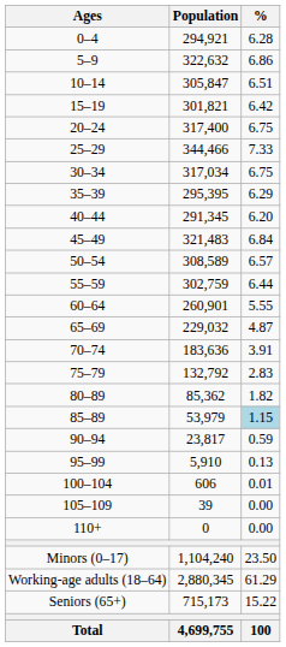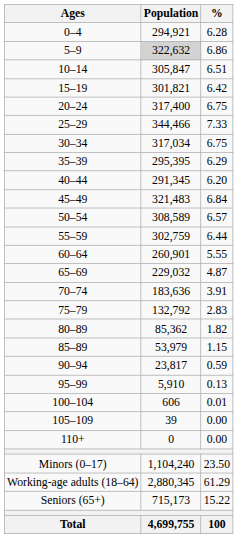 <table class=wikitable style="text-align:center;">
 <tr>
 <th>Ages</th>
 <th>Population</th>
 <th>%</th>
 </tr>
 <tr>
 <td>0–4</td>
 <td>294,921</td>
 <td>6.28</td>
 </tr>
 <tr>
 <td>5–9</td>
-<td>322,632</td>
+<td style="background: lightgrey;">322,632</td>
 <td>6.86</td>
 </tr>
 <tr>
 <td>10–14</td>
 <td>305,847</td>
 <td>6.51</td>
 </tr>
 <tr>
 <td>15–19</td>
 <td>301,821</td>
 <td>6.42</td>
 </tr>
 <tr>
 <td>20–24</td>
 <td>317,400</td>
 <td>6.75</td>
 </tr>
 <tr>
 <td>25–29</td>
 <td>344,466</td>
 <td>7.33</td>
 </tr>
 <tr>
 <td>30–34</td>
 <td>317,034</td>
 <td>6.75</td>
 </tr>
 <tr>
 <td>35–39</td>
 <td>295,395</td>
 <td>6.29</td>
 </tr>
 <tr>
 <td>40–44</td>
 <td>291,345</td>
 <td>6.20</td>
 </tr>
 <tr>
 <td>45–49</td>
 <td>321,483</td>
 <td>6.84</td>
 </tr>
 <tr>
 <td>50–54</td>
 <td>308,589</td>
 <td>6.57</td>
 </tr>
 <tr>
 <td>55–59</td>
 <td>302,759</td>
 <td>6.44</td>
 </tr>
 <tr>
 <td>60–64</td>
 <td>260,901</td>
 <td>5.55</td>
 </tr>
 <tr>
 <td>65–69</td>
 <td>229,032</td>
 <td>4.87</td>
 </tr>
 <tr>
 <td>70–74</td>
 <td>183,636</td>
 <td>3.91</td>
 </tr>
 <tr>
 <td>75–79</td>
 <td>132,792</td>
 <td>2.83</td>
 </tr>
 <tr>
 <td>80–89</td>
 <td>85,362</td>
 <td>1.82</td>
 </tr>
 <tr>
 <td>85–89</td>
 <td>53,979</td>
-<td style="background: lightblue;">1.15</td>
+<td>1.15</td>
 </tr>
 <tr>
 <td>90–94</td>
 <td>23,817</td>
 <td>0.59</td>
 </tr>
 <tr>
 <td>95–99</td>
 <td>5,910</td>
 <td>0.13</td>
 </tr>
 <tr>
 <td>100–104</td>
 <td>606</td>
 <td>0.01</td>
 </tr>
 <tr>
 <td>105–109</td>
 <td>39</td>
 <td>0.00</td>
 </tr>
 <tr>
 <td>110+</td>
 <td>0</td>
 <td>0.00</td>
 </tr>
 <tr>
 <th colspan=3></th>
 </tr>
 <tr>
 <td>Minors (0–17)</td>
 <td>1,104,240</td>
 <td>23.50</td>
 </tr>
 <tr>
 <td>Working-age adults (18–64)</td>
 <td>2,880,345</td>
 <td>61.29</td>
 </tr>
 <tr>
 <td>Seniors (65+)</td>
 <td>715,173</td>
 <td>15.22</td>
 </tr>
 <tr>
 <th colspan=3></th>
 </tr>
 <tr>
 <th>Total</th>
 <th>4,699,755</th>
 <th>100</th>
 </tr>
 </table>
